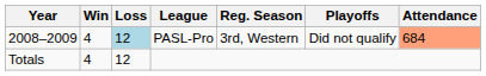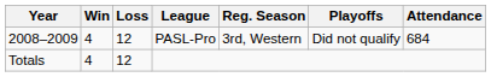 <table class="wikitable">
 <tr>
 <th>Year</th>
 <th>Win</th>
 <th>Loss</th>
 <th>League</th>
 <th>Reg. Season</th>
 <th>Playoffs</th>
 <th>Attendance</th>
 </tr>
 <tr>
 <td>2008–2009</td>
 <td>4</td>
-<td style="background: lightblue;">12</td>
+<td>12</td>
 <td>PASL-Pro</td>
 <td>3rd, Western</td>
 <td>Did not qualify</td>
-<td style="background: lightsalmon;">684</td>
+<td>684</td>
 </tr>
 <tr>
 <td>Totals</td>
 <td>4</td>
 <td>12</td>
 </tr>
 </table>
